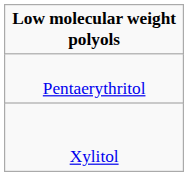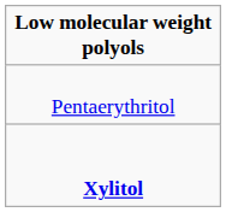 <table class="wikitable floatright" style="text-align:center; font-size:90%" width="17%">
 <tr class="hintergrundfarbe6">
 <td><strong>Low molecular weight polyols</strong></td>
 </tr>
 <tr>
 <td> <br><a href='#'>Pentaerythritol</a></td>
 </tr>
 <tr>
-<td> <br><br><a href='#'>Xylitol</a></td>
+<td><strong> <br><br><a href='#'>Xylitol</a></strong></td>
 </tr>
 </table>
